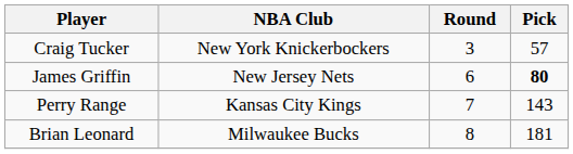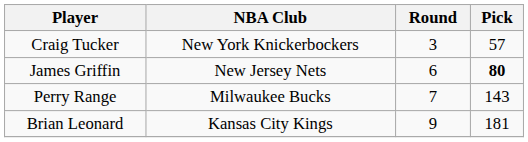 <table class="wikitable" width="500">
 <tr>
 <th>Player</th>
 <th>NBA Club</th>
 <th>Round</th>
 <th>Pick</th>
 </tr>
 <tr align="center" bgcolor="">
 <td>Craig Tucker</td>
 <td>New York Knickerbockers</td>
 <td>3</td>
 <td>57</td>
 </tr>
 <tr align="center" bgcolor="">
 <td>James Griffin</td>
 <td>New Jersey Nets</td>
 <td>6</td>
 <td><strong>80</strong></td>
 </tr>
 <tr align="center" bgcolor="">
 <td>Perry Range</td>
-<td>Kansas City Kings</td>
+<td>Milwaukee Bucks</td>
 <td>7</td>
 <td>143</td>
 </tr>
 <tr align="center" bgcolor="">
 <td>Brian Leonard</td>
-<td>Milwaukee Bucks</td>
-<td>8</td>
+<td>Kansas City Kings</td>
+<td>9</td>
 <td>181</td>
 </tr>
 <tr align="center" bgcolor="">
 </tr>
 </table>
